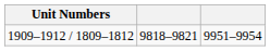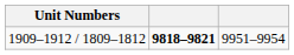 <table class="wikitable">
 <tr>
 <th>Unit Numbers</th>
 <th></th>
 <th></th>
 </tr>
 <tr>
 <td>1909–1912 / 1809–1812</td>
-<td>9818–9821</td>
+<td><strong>9818–9821</strong></td>
 <td>9951–9954</td>
 </tr>
 </table>
